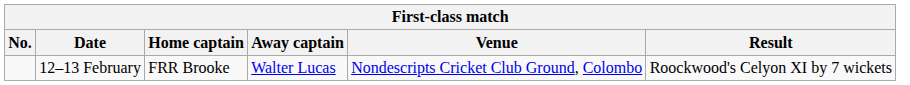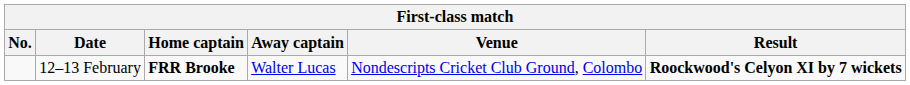 <table class="wikitable">
 <tr>
 <th colspan="9">First-class match</th>
 </tr>
 <tr>
 <th>No.</th>
 <th>Date</th>
 <th>Home captain</th>
 <th>Away captain</th>
 <th>Venue</th>
 <th>Result</th>
 </tr>
 <tr>
 <td></td>
 <td>12–13 February</td>
-<td>FRR Brooke</td>
+<td><strong>FRR Brooke</strong></td>
 <td><a href='#'>Walter Lucas</a></td>
 <td><a href='#'>Nondescripts Cricket Club Ground</a>, <a href='#'>Colombo</a></td>
-<td> Roockwood's Celyon XI by 7 wickets</td>
+<td><strong> Roockwood's Celyon XI by 7 wickets</strong></td>
 </tr>
 </table>
